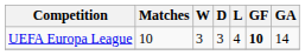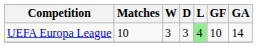 <table class="wikitable">
 <tr>
 <th>Competition</th>
 <th>Matches</th>
 <th>W</th>
 <th>D</th>
 <th>L</th>
 <th>GF</th>
 <th>GA</th>
 </tr>
 <tr>
 <td><a href='#'>UEFA Europa League</a></td>
 <td>10</td>
 <td>3</td>
 <td>3</td>
-<td>4</td>
-<td><strong>10</strong></td>
+<td style="background: lightgreen;">4</td>
+<td>10</td>
 <td>14</td>
 </tr>
 <tr>
 </tr>
 </table>
